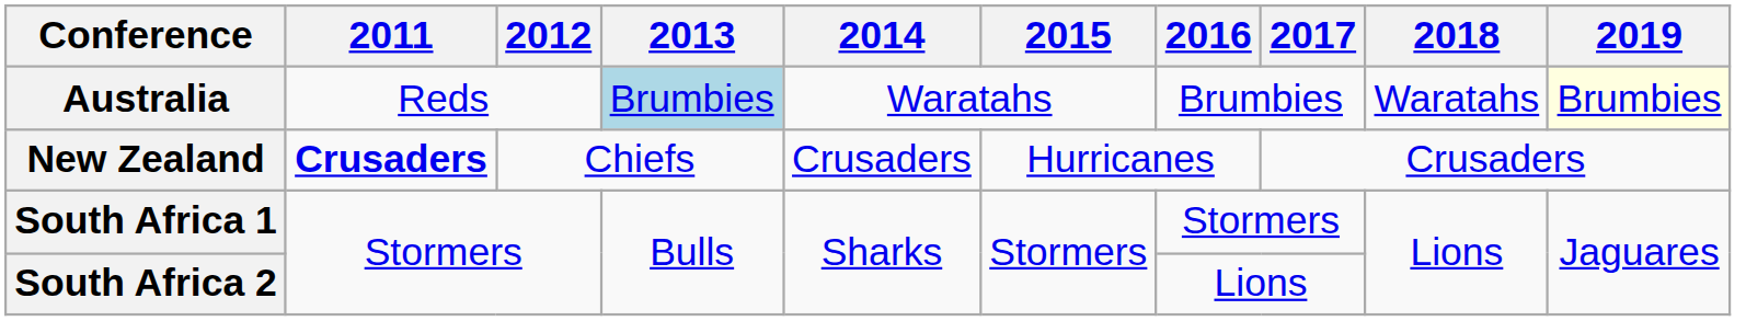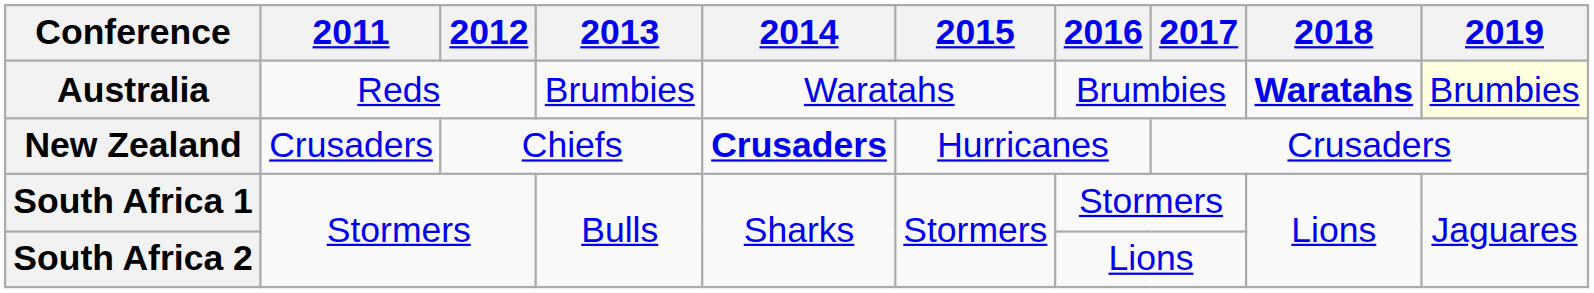 <table class="wikitable" style="text-align: center">
 <tr>
 <th>Conference</th>
 <th><a href='#'>2011</a></th>
 <th><a href='#'>2012</a></th>
 <th><a href='#'>2013</a></th>
 <th><a href='#'>2014</a></th>
 <th><a href='#'>2015</a></th>
 <th><a href='#'>2016</a></th>
 <th><a href='#'>2017</a></th>
 <th><a href='#'>2018</a></th>
 <th><a href='#'>2019</a></th>
 </tr>
 <tr>
 <th>Australia</th>
 <td colspan="2"><a href='#'>Reds</a></td>
-<td style="background: lightblue;"><a href='#'>Brumbies</a></td>
+<td><a href='#'>Brumbies</a></td>
 <td colspan="2"><a href='#'>Waratahs</a></td>
 <td colspan="2"><a href='#'>Brumbies</a></td>
-<td><a href='#'>Waratahs</a></td>
+<td><strong><a href='#'>Waratahs</a></strong></td>
 <td style="background: lightyellow;"><a href='#'>Brumbies</a></td>
 </tr>
 <tr>
 <th>New Zealand</th>
+<td><a href='#'>Crusaders</a></td>
+<td colspan="2"><a href='#'>Chiefs</a></td>
 <td><strong><a href='#'>Crusaders</a></strong></td>
-<td colspan="2"><a href='#'>Chiefs</a></td>
-<td><a href='#'>Crusaders</a></td>
 <td colspan="2"><a href='#'>Hurricanes</a></td>
 <td colspan="3"><a href='#'>Crusaders</a></td>
 </tr>
 <tr>
 <th>South Africa 1</th>
 <td rowspan="2" colspan="2"><a href='#'>Stormers</a></td>
 <td rowspan="2"><a href='#'>Bulls</a></td>
 <td rowspan="2"><a href='#'>Sharks</a></td>
 <td rowspan="2"><a href='#'>Stormers</a></td>
 <td colspan="2"><a href='#'>Stormers</a></td>
 <td rowspan="2"><a href='#'>Lions</a></td>
 <td rowspan="2"><a href='#'>Jaguares</a></td>
 </tr>
 <tr>
 <th>South Africa 2</th>
 <td colspan="2"><a href='#'>Lions</a></td>
 </tr>
 </table>
